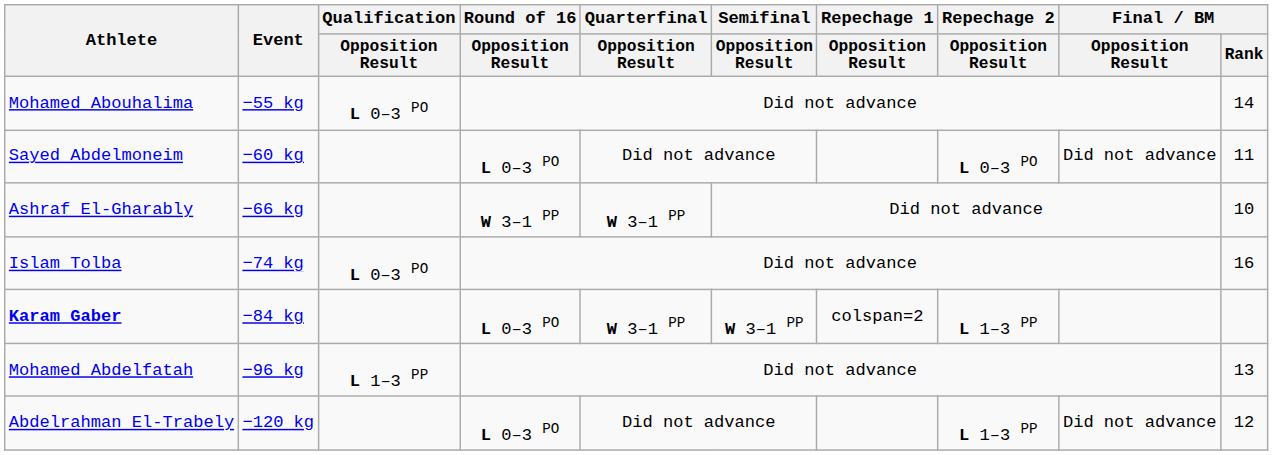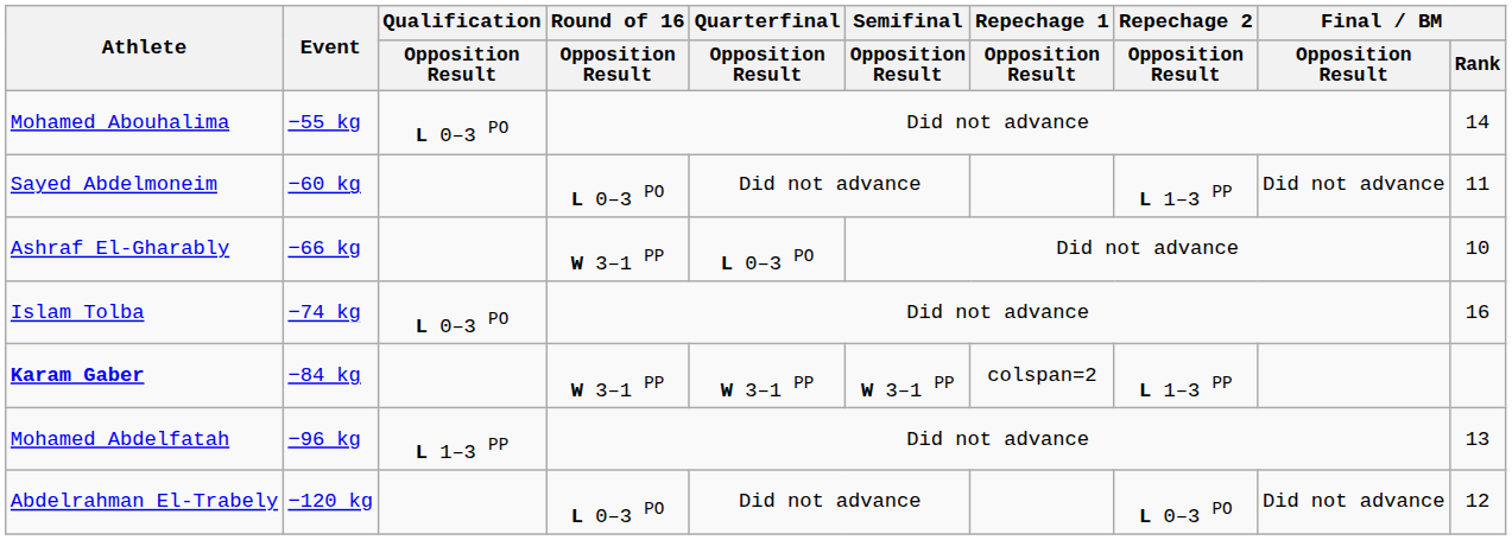 <table class="wikitable" style="font-size:90%">
 <tr>
 <th scope="col" rowspan=2>Athlete</th>
 <th scope="col" rowspan=2>Event</th>
 <th scope="col">Qualification</th>
 <th scope="col">Round of 16</th>
 <th scope="col">Quarterfinal</th>
 <th scope="col">Semifinal</th>
 <th scope="col">Repechage 1</th>
 <th scope="col">Repechage 2</th>
 <th scope="col" colspan=2>Final / BM</th>
 </tr>
 <tr style="font-size: 95%">
 <th scope="col">Opposition<br>Result</th>
 <th scope="col">Opposition<br>Result</th>
 <th scope="col">Opposition<br>Result</th>
 <th scope="col">Opposition<br>Result</th>
 <th scope="col">Opposition<br>Result</th>
 <th scope="col">Opposition<br>Result</th>
 <th scope="col">Opposition<br>Result</th>
 <th scope="col">Rank</th>
 </tr>
 <tr align=center>
 <td align=left><a href='#'>Mohamed Abouhalima</a></td>
 <td align=left><a href='#'>−55 kg</a></td>
 <td><br><strong>L</strong> 0–3 <sup>PO</sup></td>
 <td colspan=6>Did not advance</td>
 <td>14</td>
 </tr>
 <tr align=center>
 <td align=left><a href='#'>Sayed Abdelmoneim</a></td>
 <td align=left><a href='#'>−60 kg</a></td>
 <td></td>
 <td><br><strong>L</strong> 0–3 <sup>PO</sup></td>
 <td colspan=2>Did not advance</td>
 <td></td>
-<td><br><strong>L</strong> 0–3 <sup>PO</sup></td>
+<td><br><strong>L</strong> 1–3 <sup>PP</sup></td>
 <td>Did not advance</td>
 <td>11</td>
 </tr>
 <tr align=center>
 <td align=left><a href='#'>Ashraf El-Gharably</a></td>
 <td align=left><a href='#'>−66 kg</a></td>
 <td></td>
 <td><br><strong>W</strong> 3–1 <sup>PP</sup></td>
-<td><br><strong>W</strong> 3–1 <sup>PP</sup></td>
+<td><br><strong>L</strong> 0–3 <sup>PO</sup></td>
 <td colspan=4>Did not advance</td>
 <td>10</td>
 </tr>
 <tr align=center>
 <td align=left><a href='#'>Islam Tolba</a></td>
 <td align=left><a href='#'>−74 kg</a></td>
 <td><br><strong>L</strong> 0–3 <sup>PO</sup></td>
 <td colspan=6>Did not advance</td>
 <td>16</td>
 </tr>
 <tr align=center>
 <td align=left><strong><a href='#'>Karam Gaber</a></strong></td>
 <td align=left><a href='#'>−84 kg</a></td>
 <td></td>
-<td><br><strong>L</strong> 0–3 <sup>PO</sup></td>
+<td><br><strong>W</strong> 3–1 <sup>PP</sup></td>
 <td><br><strong>W</strong> 3–1 <sup>PP</sup></td>
 <td><br><strong>W</strong> 3–1 <sup>PP</sup></td>
 <td>colspan=2 </td>
 <td><br><strong>L</strong> 1–3 <sup>PP</sup></td>
 <td></td>
 </tr>
 <tr align=center>
 <td align=left><a href='#'>Mohamed Abdelfatah</a></td>
 <td align=left><a href='#'>−96 kg</a></td>
 <td><br><strong>L</strong> 1–3 <sup>PP</sup></td>
 <td colspan=6>Did not advance</td>
 <td>13</td>
 </tr>
 <tr align=center>
 <td align=left><a href='#'>Abdelrahman El-Trabely</a></td>
 <td align=left><a href='#'>−120 kg</a></td>
 <td></td>
 <td><br><strong>L</strong> 0–3 <sup>PO</sup></td>
 <td colspan=2>Did not advance</td>
 <td></td>
-<td><br><strong>L</strong> 1–3 <sup>PP</sup></td>
+<td><br><strong>L</strong> 0–3 <sup>PO</sup></td>
 <td>Did not advance</td>
 <td>12</td>
 </tr>
 </table>
